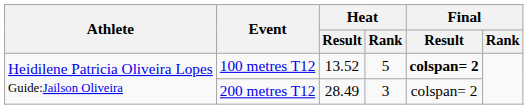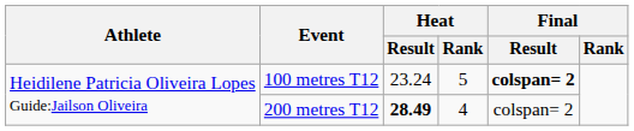 <table class="wikitable" style="font-size:90%">
 <tr>
 <th rowspan="2">Athlete</th>
 <th rowspan="2">Event</th>
 <th colspan="2">Heat</th>
 <th colspan="2">Final</th>
 </tr>
 <tr style="font-size:95%">
 <th>Result</th>
 <th>Rank</th>
 <th>Result</th>
 <th>Rank</th>
 </tr>
 <tr align=center>
 <td align=left rowspan=2><a href='#'>Heidilene Patricia Oliveira Lopes</a><br><small>Guide:<a href='#'>Jailson Oliveira</a></small></td>
 <td align=left><a href='#'>100 metres T12</a></td>
-<td>13.52</td>
+<td>23.24</td>
 <td>5</td>
 <td><strong>colspan= 2 </strong></td>
 </tr>
 <tr align=center>
 <td align=left><a href='#'>200 metres T12</a></td>
-<td>28.49</td>
-<td>3</td>
+<td><strong>28.49</strong></td>
+<td>4</td>
 <td>colspan= 2 </td>
 </tr>
 </table>
